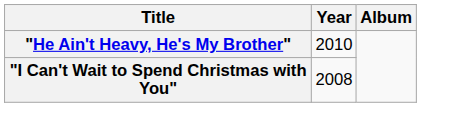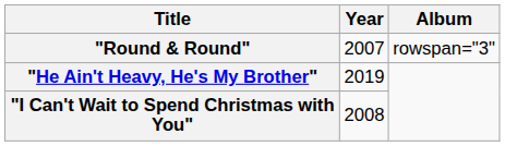 <table class="wikitable plainrowheaders" style="text-align:center;" border="1">
 <tr>
 <th scope="col" style="width:18em;">Title</th>
 <th scope="col">Year</th>
 <th scope="col">Album</th>
 </tr>
 <tr>
+<th scope="row">"Round & Round"<br></th>
+<td>2007</td>
+<td>rowspan="3" </td>
+</tr>
+<tr>
 <th scope="row">"<a href='#'>He Ain't Heavy, He's My Brother</a>"<br></th>
-<td>2010</td>
+<td>2019</td>
 </tr>
 <tr>
 <th scope="row">"I Can't Wait to Spend Christmas with You"<br></th>
 <td>2008</td>
 </tr>
 </table>
